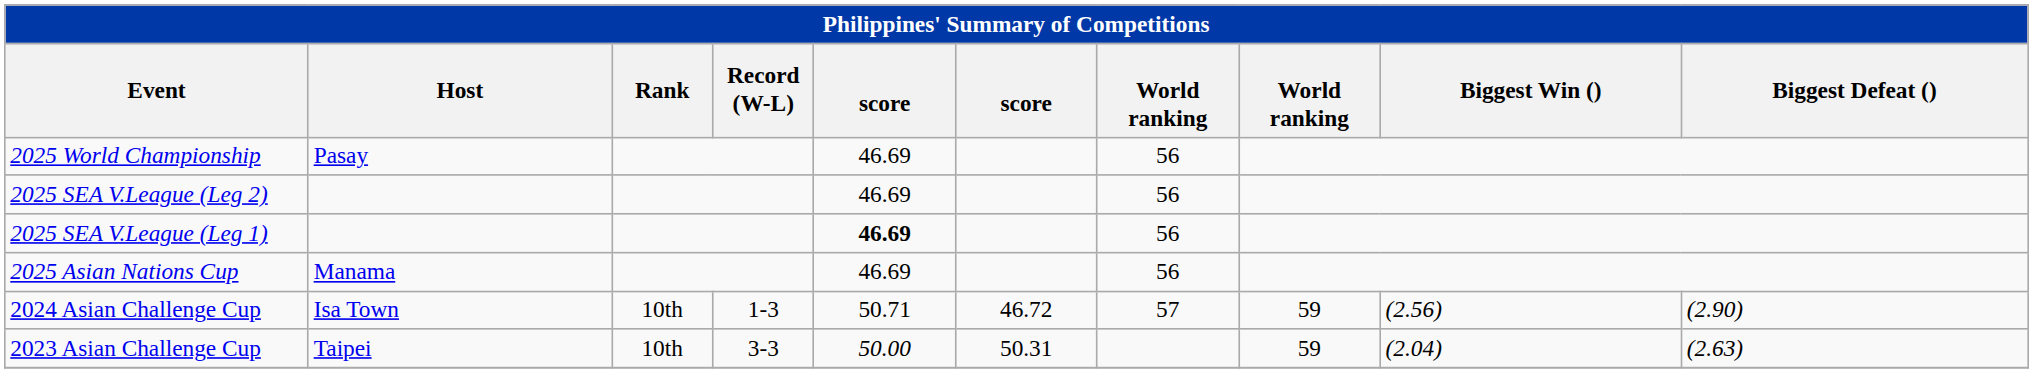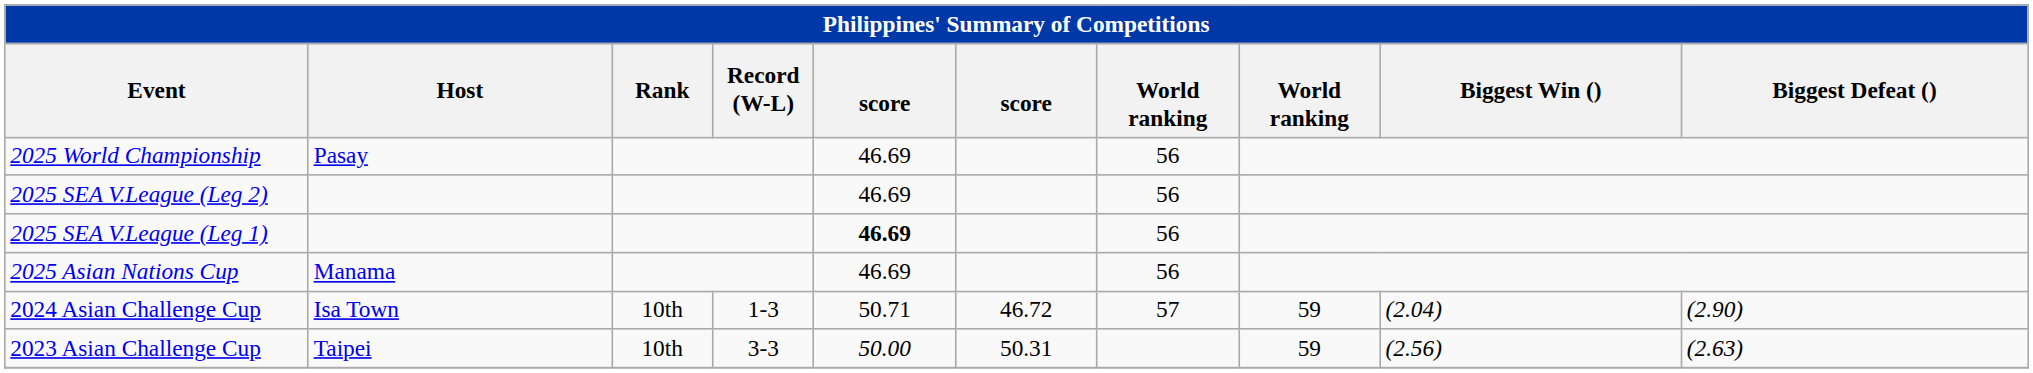 <table class="wikitable sortable" style="text-align:center;font-size: 90%">
 <tr>
 <th colspan=10 style="background: #0038A8; color: #FFFFFF;">Philippines' Summary of Competitions</th>
 </tr>
 <tr>
 <th width=15%;>Event</th>
 <th width=15%;>Host</th>
 <th width=5%;>Rank</th>
 <th width=5%;>Record<br>(W-L)</th>
 <th width=7%;><br> score</th>
 <th width=7%;><br> score</th>
 <th width=7%;><br>World ranking</th>
 <th width=7%;><br>World ranking</th>
 <th>Biggest Win ()</th>
 <th>Biggest Defeat ()</th>
 </tr>
 <tr>
 <td style="text-align:left"><em><a href='#'>2025 World Championship</a></em></td>
 <td style="text-align:left"> <a href='#'>Pasay</a></td>
 <td style="text-align:center" colspan="2"></td>
 <td style="text-align:center">46.69</td>
 <td style="text-align:center"></td>
 <td style="text-align:center">56</td>
 <td style="text-align:center" colspan="3"></td>
 </tr>
 <tr>
 <td style="text-align:left"><em><a href='#'>2025 SEA V.League (Leg 2)</a></em></td>
 <td style="text-align:left"> </td>
 <td style="text-align:center" colspan="2"></td>
 <td style="text-align:center">46.69</td>
 <td style="text-align:center"></td>
 <td style="text-align:center">56</td>
 <td style="text-align:center" colspan="3"></td>
 </tr>
 <tr>
 <td style="text-align:left"><em><a href='#'>2025 SEA V.League (Leg 1)</a></em></td>
 <td style="text-align:left"> </td>
 <td style="text-align:center" colspan="2"></td>
 <td style="text-align:center"><strong>46.69</strong></td>
 <td style="text-align:center"></td>
 <td style="text-align:center">56</td>
 <td style="text-align:center" colspan="3"></td>
 </tr>
 <tr>
 <td style="text-align:left"><em><a href='#'>2025 Asian Nations Cup</a></em></td>
 <td style="text-align:left"> <a href='#'>Manama</a></td>
 <td style="text-align:center" colspan="2"></td>
 <td style="text-align:center">46.69</td>
 <td style="text-align:center"></td>
 <td style="text-align:center">56</td>
 <td style="text-align:center" colspan="3"></td>
 </tr>
 <tr>
 <td style="text-align:left"><a href='#'>2024 Asian Challenge Cup</a></td>
 <td style="text-align:left"> <a href='#'>Isa Town</a></td>
 <td style="text-align:center">10th</td>
 <td style="text-align:center">1-3</td>
 <td style="text-align:center">50.71</td>
 <td style="text-align:center">46.72 </td>
 <td style="text-align:center">57</td>
 <td style="text-align:center">59 </td>
-<td style="text-align:left"> <em>(2.56)</em> </td>
+<td style="text-align:left"> <em>(2.04)</em> </td>
 <td style="text-align:left"> <em>(2.90)</em> </td>
 </tr>
 <tr>
 <td style="text-align:left"><a href='#'>2023 Asian Challenge Cup</a></td>
 <td style="text-align:left"> <a href='#'>Taipei</a></td>
 <td style="text-align:center">10th</td>
 <td style="text-align:center">3-3</td>
 <td style="text-align:center"><em>50.00</em></td>
 <td style="text-align:center">50.31 </td>
 <td style="text-align:center"></td>
 <td style="text-align:center">59 </td>
-<td style="text-align:left"> <em>(2.04)</em> </td>
+<td style="text-align:left"> <em>(2.56)</em> </td>
 <td style="text-align:left"> <em>(2.63)</em> </td>
 </tr>
 <tr>
 </tr>
 </table>
